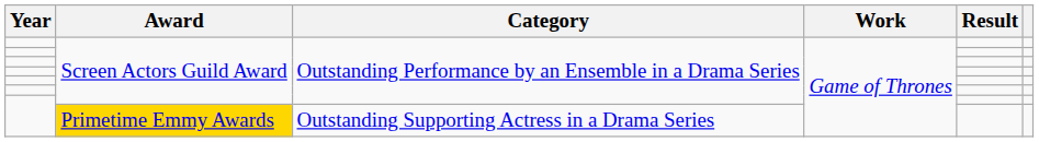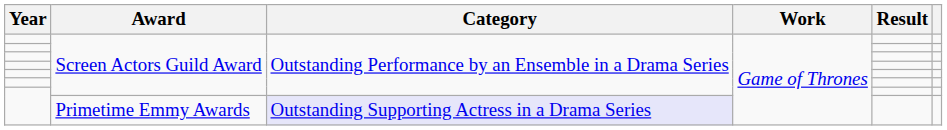 <table class="wikitable sortable">
 <tr>
 <th>Year</th>
 <th>Award</th>
 <th>Category</th>
 <th>Work</th>
 <th>Result</th>
 <th class="unsortable"></th>
 </tr>
 <tr>
 <td></td>
 <td rowspan="7"><a href='#'>Screen Actors Guild Award</a></td>
 <td rowspan="7"><a href='#'>Outstanding Performance by an Ensemble in a Drama Series</a></td>
 <td rowspan="8"><em><a href='#'>Game of Thrones</a></em></td>
 <td></td>
 <td style="text-align:center;"></td>
 </tr>
 <tr>
 <td></td>
 <td></td>
 <td style="text-align:center;"></td>
 </tr>
 <tr>
 <td></td>
 <td></td>
 <td style="text-align:center;"></td>
 </tr>
 <tr>
 <td></td>
 <td></td>
 <td style="text-align:center;"></td>
 </tr>
 <tr>
 <td></td>
 <td></td>
 <td style="text-align:center;"></td>
 </tr>
 <tr>
 <td></td>
 <td></td>
 <td style="text-align:center;"></td>
 </tr>
 <tr>
 <td rowspan="2"></td>
 <td></td>
 <td style="text-align:center;"></td>
 </tr>
 <tr>
-<td style="background: gold;"><a href='#'>Primetime Emmy Awards</a></td>
-<td><a href='#'>Outstanding Supporting Actress in a Drama Series</a></td>
+<td><a href='#'>Primetime Emmy Awards</a></td>
+<td style="background: lavender;"><a href='#'>Outstanding Supporting Actress in a Drama Series</a></td>
 <td></td>
 <td style="text-align:center;"></td>
 </tr>
 </table>
